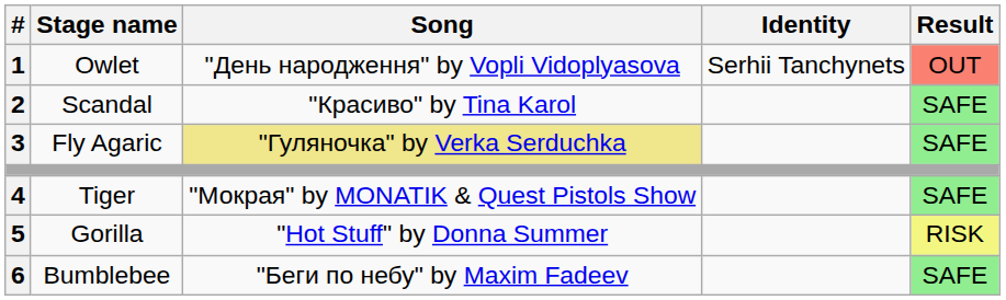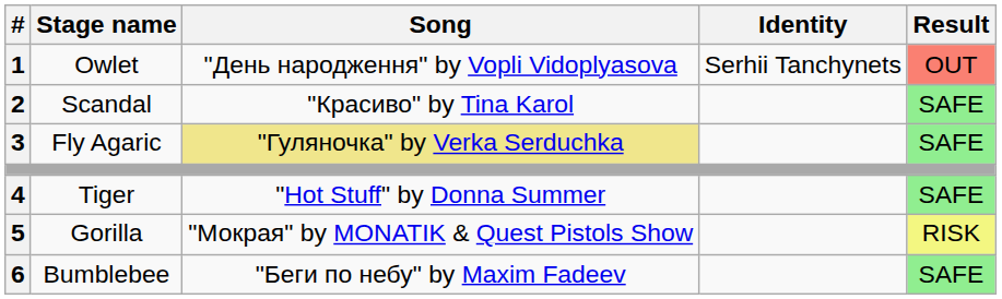 <table class="wikitable plainrowheaders" style="text-align: center">
 <tr>
 <th>#</th>
 <th>Stage name</th>
 <th>Song</th>
 <th>Identity</th>
 <th>Result</th>
 </tr>
 <tr>
 <th>1</th>
 <td>Owlet</td>
 <td>"День народження" by <a href='#'>Vopli Vidoplyasova</a></td>
 <td>Serhii Tanchynets</td>
 <td bgcolor=salmon>OUT</td>
 </tr>
 <tr>
 <th>2</th>
 <td>Scandal</td>
 <td>"Красиво" by <a href='#'>Tina Karol</a></td>
 <td></td>
 <td bgcolor=lightgreen>SAFE</td>
 </tr>
 <tr>
 <th>3</th>
 <td>Fly Agaric</td>
 <td style="background: khaki;">"Гуляночка" by <a href='#'>Verka Serduchka</a></td>
 <td></td>
 <td bgcolor=lightgreen>SAFE</td>
 </tr>
 <tr>
 <td colspan="5" style="background:darkgray"></td>
 </tr>
 <tr>
 <th>4</th>
 <td>Tiger</td>
-<td>"Мокрая" by <a href='#'>MONATIK</a> & <a href='#'>Quest Pistols Show</a></td>
+<td>"<a href='#'>Hot Stuff</a>" by <a href='#'>Donna Summer</a></td>
 <td></td>
 <td bgcolor=lightgreen>SAFE</td>
 </tr>
 <tr>
 <th>5</th>
 <td>Gorilla</td>
-<td>"<a href='#'>Hot Stuff</a>" by <a href='#'>Donna Summer</a></td>
+<td>"Мокрая" by <a href='#'>MONATIK</a> & <a href='#'>Quest Pistols Show</a></td>
 <td></td>
 <td bgcolor="#F3F781">RISK</td>
 </tr>
 <tr>
 <th>6</th>
 <td>Bumblebee</td>
 <td>"Беги по небу" by <a href='#'>Maxim Fadeev</a></td>
 <td></td>
 <td bgcolor=lightgreen>SAFE</td>
 </tr>
 </table>
